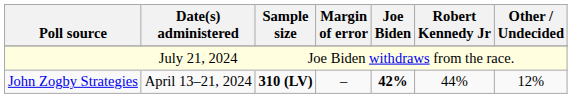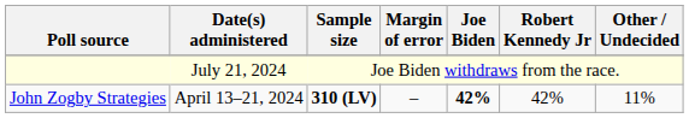 <table class="wikitable sortable mw-datatable" style="font-size:90%;text-align:center;line-height:17px">
 <tr valign=bottom>
 <th>Poll source</th>
 <th>Date(s)<br>administered</th>
 <th>Sample<br>size</th>
 <th>Margin<br>of error</th>
 <th class="unsortable">Joe<br>Biden<br></th>
 <th class="unsortable">Robert<br>Kennedy Jr<br></th>
 <th class="unsortable">Other /<br>Undecided</th>
 </tr>
 <tr>
 </tr>
 <tr style="background:lightyellow;">
 <td style="border-right-style:hidden;"></td>
 <td style="border-right-style:hidden; " data-sort-value="2024-07-21">July 21, 2024</td>
 <td colspan="5">Joe Biden <a href='#'>withdraws</a> from the race.</td>
 </tr>
 <tr>
 <td style="text-align:left;"><a href='#'>John Zogby Strategies</a></td>
 <td data-sort-value="2024-05-01">April 13–21, 2024</td>
 <td><strong>310 (LV)</strong></td>
 <td>–</td>
 <td style="color:black;background-color:"><strong>42%</strong></td>
-<td>44%</td>
-<td>12%</td>
+<td>42%</td>
+<td>11%</td>
 </tr>
 </table>
